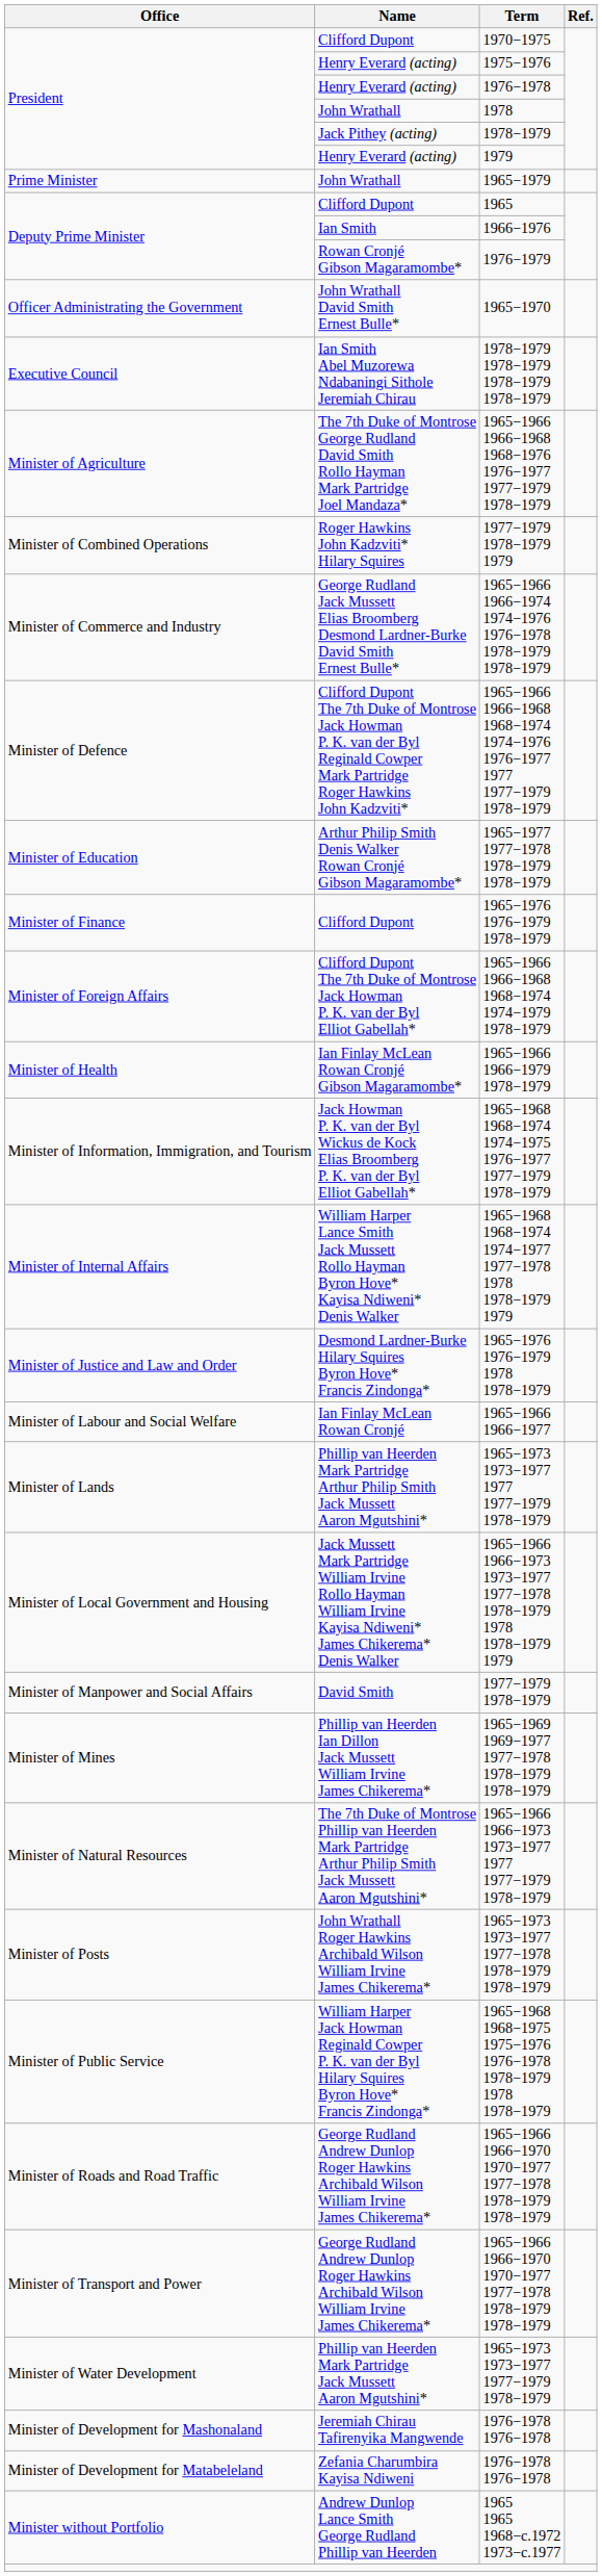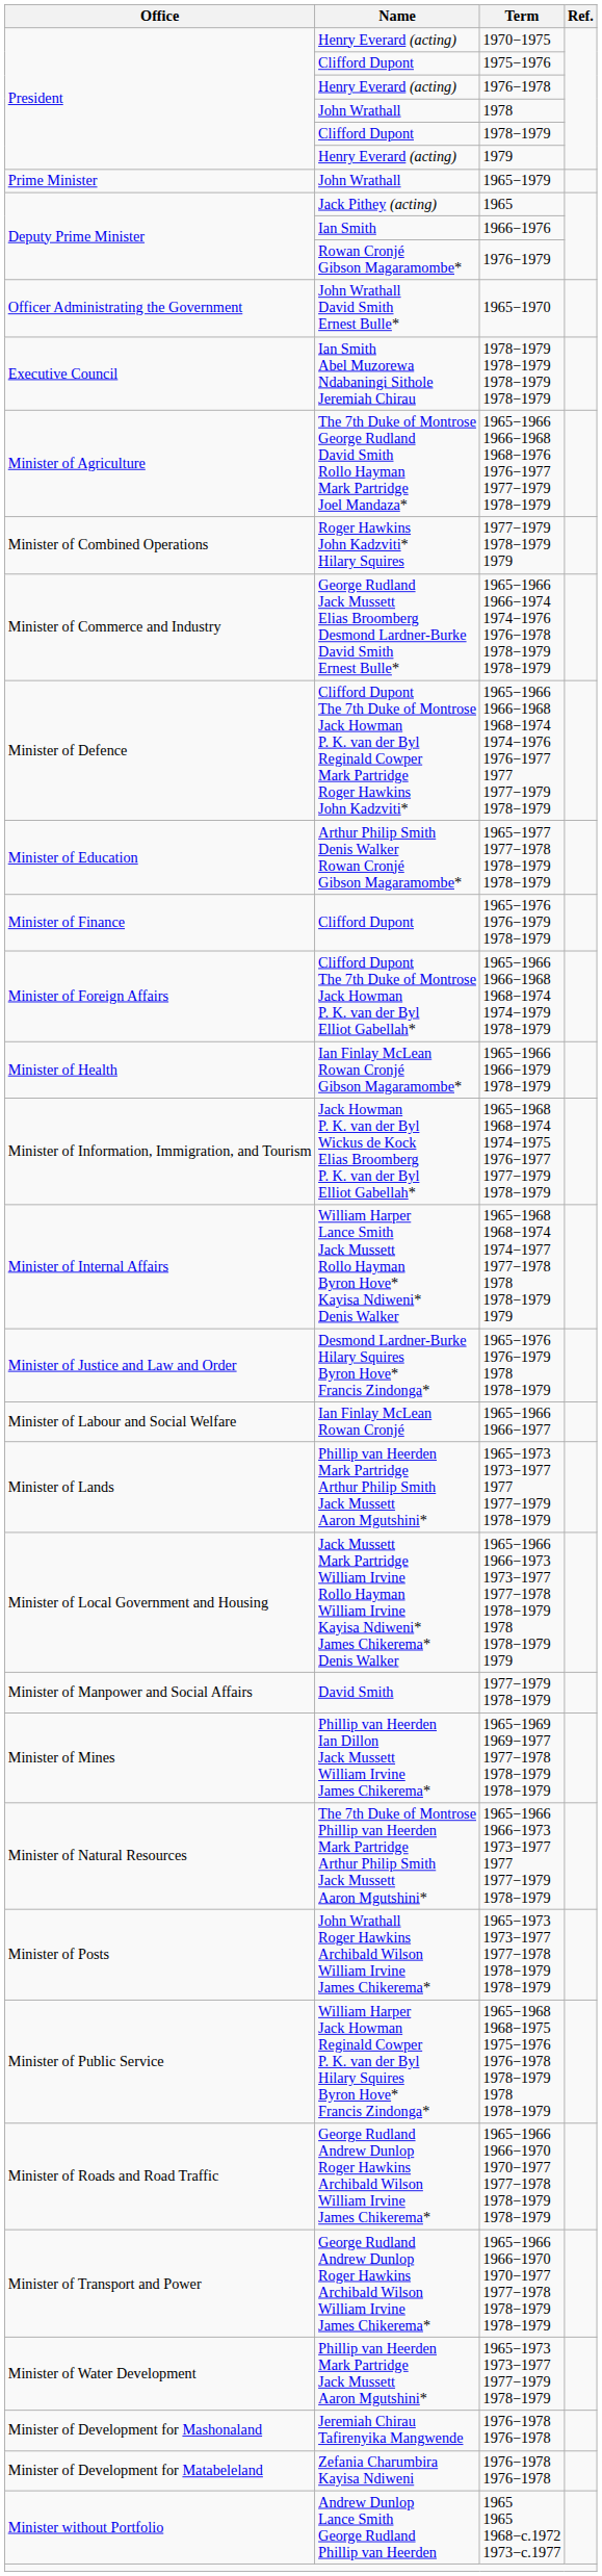 <table class="wikitable">
 <tr>
 <th>Office</th>
 <th>Name</th>
 <th>Term</th>
 <th>Ref.</th>
 </tr>
 <tr>
 <td rowspan="6"><a href='#'>President</a></td>
-<td><a href='#'>Clifford Dupont</a></td>
+<td><a href='#'>Henry Everard</a> <em>(acting)</em></td>
 <td>1970−1975</td>
 <td rowspan="6"></td>
 </tr>
 <tr>
-<td><a href='#'>Henry Everard</a> <em>(acting)</em></td>
+<td><a href='#'>Clifford Dupont</a></td>
 <td>1975−1976</td>
 </tr>
 <tr>
 <td><a href='#'>Henry Everard</a> <em>(acting)</em></td>
 <td>1976−1978</td>
 </tr>
 <tr>
 <td><a href='#'>John Wrathall</a></td>
 <td>1978</td>
 </tr>
 <tr>
-<td><a href='#'>Jack Pithey</a> <em>(acting)</em></td>
+<td><a href='#'>Clifford Dupont</a></td>
 <td>1978−1979<br></td>
 </tr>
 <tr>
 <td><a href='#'>Henry Everard</a> <em>(acting)</em></td>
 <td>1979</td>
 </tr>
 <tr>
 <td><a href='#'>Prime Minister</a></td>
 <td><a href='#'>John Wrathall</a></td>
 <td>1965−1979</td>
 <td></td>
 </tr>
 <tr>
 <td rowspan="3"><a href='#'>Deputy Prime Minister</a></td>
-<td><a href='#'>Clifford Dupont</a></td>
+<td><a href='#'>Jack Pithey</a> <em>(acting)</em></td>
 <td>1965<br></td>
 <td rowspan="3"></td>
 </tr>
 <tr>
 <td><a href='#'>Ian Smith</a></td>
 <td>1966−1976</td>
 </tr>
 <tr>
 <td><a href='#'>Rowan Cronjé</a><br><a href='#'>Gibson Magaramombe</a>*</td>
 <td>1976−1979</td>
 </tr>
 <tr>
 <td><a href='#'>Officer Administrating the Government</a></td>
 <td><a href='#'>John Wrathall</a><br><a href='#'>David Smith</a><br><a href='#'>Ernest Bulle</a>*</td>
 <td>1965−1970</td>
 <td></td>
 </tr>
 <tr>
 <td><a href='#'>Executive Council</a></td>
 <td><a href='#'>Ian Smith</a><br><a href='#'>Abel Muzorewa</a><br><a href='#'>Ndabaningi Sithole</a><br><a href='#'>Jeremiah Chirau</a></td>
 <td>1978−1979<br>1978−1979<br>1978−1979<br>1978−1979</td>
 <td></td>
 </tr>
 <tr>
 <td><a href='#'>Minister of Agriculture</a></td>
 <td><a href='#'>The 7th Duke of Montrose</a><br><a href='#'>George Rudland</a><br><a href='#'>David Smith</a><br><a href='#'>Rollo Hayman</a><br><a href='#'>Mark Partridge</a><br><a href='#'>Joel Mandaza</a>*</td>
 <td>1965−1966<br>1966−1968<br>1968−1976<br>1976−1977<br>1977−1979<br>1978−1979</td>
 <td></td>
 </tr>
 <tr>
 <td>Minister of Combined Operations</td>
 <td><a href='#'>Roger Hawkins</a><br><a href='#'>John Kadzviti</a>*<br><a href='#'>Hilary Squires</a></td>
 <td>1977−1979<br>1978−1979<br>1979</td>
 <td></td>
 </tr>
 <tr>
 <td>Minister of Commerce and Industry</td>
 <td><a href='#'>George Rudland</a><br><a href='#'>Jack Mussett</a><br><a href='#'>Elias Broomberg</a><br><a href='#'>Desmond Lardner-Burke</a><br><a href='#'>David Smith</a><br><a href='#'>Ernest Bulle</a>*</td>
 <td>1965−1966<br>1966−1974<br>1974−1976<br>1976−1978<br>1978−1979<br>1978−1979</td>
 <td></td>
 </tr>
 <tr>
 <td>Minister of Defence</td>
 <td><a href='#'>Clifford Dupont</a><br><a href='#'>The 7th Duke of Montrose</a><br><a href='#'>Jack Howman</a><br><a href='#'>P. K. van der Byl</a><br><a href='#'>Reginald Cowper</a><br><a href='#'>Mark Partridge</a><br><a href='#'>Roger Hawkins</a><br><a href='#'>John Kadzviti</a>*</td>
 <td>1965−1966<br>1966−1968<br>1968−1974<br>1974−1976<br>1976−1977<br>1977<br>1977−1979<br>1978−1979</td>
 <td></td>
 </tr>
 <tr>
 <td><a href='#'>Minister of Education</a></td>
 <td><a href='#'>Arthur Philip Smith</a><br><a href='#'>Denis Walker</a><br><a href='#'>Rowan Cronjé</a><br><a href='#'>Gibson Magaramombe</a>*</td>
 <td>1965−1977<br>1977−1978<br>1978−1979<br>1978−1979</td>
 <td></td>
 </tr>
 <tr>
 <td><a href='#'>Minister of Finance</a></td>
 <td><a href='#'>Clifford Dupont</a></td>
 <td>1965−1976<br>1976−1979<br>1978−1979</td>
 <td></td>
 </tr>
 <tr>
 <td><a href='#'>Minister of Foreign Affairs</a></td>
 <td><a href='#'>Clifford Dupont</a><br><a href='#'>The 7th Duke of Montrose</a><br><a href='#'>Jack Howman</a><br><a href='#'>P. K. van der Byl</a><br><a href='#'>Elliot Gabellah</a>*</td>
 <td>1965−1966<br>1966−1968<br>1968−1974<br>1974−1979<br>1978−1979</td>
 <td></td>
 </tr>
 <tr>
 <td><a href='#'>Minister of Health</a></td>
 <td><a href='#'>Ian Finlay McLean</a><br><a href='#'>Rowan Cronjé</a><br><a href='#'>Gibson Magaramombe</a>*</td>
 <td>1965−1966<br>1966−1979<br>1978−1979</td>
 <td></td>
 </tr>
 <tr>
 <td>Minister of Information, Immigration, and Tourism</td>
 <td><a href='#'>Jack Howman</a><br><a href='#'>P. K. van der Byl</a><br><a href='#'>Wickus de Kock</a><br><a href='#'>Elias Broomberg</a><br><a href='#'>P. K. van der Byl</a><br><a href='#'>Elliot Gabellah</a>*</td>
 <td>1965−1968<br>1968−1974<br>1974−1975<br>1976−1977<br>1977−1979<br>1978−1979</td>
 <td></td>
 </tr>
 <tr>
 <td><a href='#'>Minister of Internal Affairs</a></td>
 <td><a href='#'>William Harper</a><br><a href='#'>Lance Smith</a><br><a href='#'>Jack Mussett</a><br><a href='#'>Rollo Hayman</a><br><a href='#'>Byron Hove</a>*<br><a href='#'>Kayisa Ndiweni</a>*<br><a href='#'>Denis Walker</a></td>
 <td>1965−1968<br>1968−1974<br>1974−1977<br>1977−1978<br>1978<br>1978−1979<br>1979</td>
 <td></td>
 </tr>
 <tr>
 <td><a href='#'>Minister of Justice and Law and Order</a></td>
 <td><a href='#'>Desmond Lardner-Burke</a><br><a href='#'>Hilary Squires</a><br><a href='#'>Byron Hove</a>*<br><a href='#'>Francis Zindonga</a>*</td>
 <td>1965−1976<br>1976−1979<br>1978<br>1978−1979</td>
 <td></td>
 </tr>
 <tr>
 <td>Minister of Labour and Social Welfare</td>
 <td><a href='#'>Ian Finlay McLean</a><br><a href='#'>Rowan Cronjé</a></td>
 <td>1965−1966<br>1966−1977</td>
 <td></td>
 </tr>
 <tr>
 <td>Minister of Lands</td>
 <td><a href='#'>Phillip van Heerden</a><br><a href='#'>Mark Partridge</a><br><a href='#'>Arthur Philip Smith</a><br><a href='#'>Jack Mussett</a><br><a href='#'>Aaron Mgutshini</a>*</td>
 <td>1965−1973<br>1973−1977<br>1977<br>1977−1979<br>1978−1979</td>
 <td></td>
 </tr>
 <tr>
 <td>Minister of Local Government and Housing</td>
 <td><a href='#'>Jack Mussett</a><br><a href='#'>Mark Partridge</a><br><a href='#'>William Irvine</a><br><a href='#'>Rollo Hayman</a><br><a href='#'>William Irvine</a><br><a href='#'>Kayisa Ndiweni</a>*<br><a href='#'>James Chikerema</a>*<br><a href='#'>Denis Walker</a></td>
 <td>1965−1966<br>1966−1973<br>1973−1977<br>1977−1978<br>1978−1979<br>1978<br>1978−1979<br>1979</td>
 <td></td>
 </tr>
 <tr>
 <td>Minister of Manpower and Social Affairs</td>
 <td><a href='#'>David Smith</a></td>
 <td>1977−1979<br>1978−1979</td>
 <td></td>
 </tr>
 <tr>
 <td>Minister of Mines</td>
 <td><a href='#'>Phillip van Heerden</a><br><a href='#'>Ian Dillon</a><br><a href='#'>Jack Mussett</a><br><a href='#'>William Irvine</a><br><a href='#'>James Chikerema</a>*</td>
 <td>1965−1969<br>1969−1977<br>1977−1978<br>1978−1979<br>1978−1979</td>
 <td></td>
 </tr>
 <tr>
 <td>Minister of Natural Resources</td>
 <td><a href='#'>The 7th Duke of Montrose</a><br><a href='#'>Phillip van Heerden</a><br><a href='#'>Mark Partridge</a><br><a href='#'>Arthur Philip Smith</a><br><a href='#'>Jack Mussett</a><br><a href='#'>Aaron Mgutshini</a>*</td>
 <td>1965−1966<br>1966−1973<br>1973−1977<br>1977<br>1977−1979<br>1978−1979</td>
 <td></td>
 </tr>
 <tr>
 <td>Minister of Posts</td>
 <td><a href='#'>John Wrathall</a><br><a href='#'>Roger Hawkins</a><br><a href='#'>Archibald Wilson</a><br><a href='#'>William Irvine</a><br><a href='#'>James Chikerema</a>*</td>
 <td>1965−1973<br>1973−1977<br>1977−1978<br>1978−1979<br>1978−1979</td>
 <td></td>
 </tr>
 <tr>
 <td>Minister of Public Service</td>
 <td><a href='#'>William Harper</a><br><a href='#'>Jack Howman</a><br><a href='#'>Reginald Cowper</a><br><a href='#'>P. K. van der Byl</a><br><a href='#'>Hilary Squires</a><br><a href='#'>Byron Hove</a>*<br><a href='#'>Francis Zindonga</a>*</td>
 <td>1965−1968<br>1968−1975<br>1975−1976<br>1976−1978<br>1978−1979<br>1978<br>1978−1979</td>
 <td></td>
 </tr>
 <tr>
 <td>Minister of Roads and Road Traffic</td>
 <td><a href='#'>George Rudland</a><br><a href='#'>Andrew Dunlop</a><br><a href='#'>Roger Hawkins</a><br><a href='#'>Archibald Wilson</a><br><a href='#'>William Irvine</a><br><a href='#'>James Chikerema</a>*</td>
 <td>1965−1966<br>1966−1970<br>1970−1977<br>1977−1978<br>1978−1979<br>1978−1979</td>
 <td></td>
 </tr>
 <tr>
 <td>Minister of Transport and Power</td>
 <td><a href='#'>George Rudland</a><br><a href='#'>Andrew Dunlop</a><br><a href='#'>Roger Hawkins</a><br><a href='#'>Archibald Wilson</a><br><a href='#'>William Irvine</a><br><a href='#'>James Chikerema</a>*</td>
 <td>1965−1966<br>1966−1970<br>1970−1977<br>1977−1978<br>1978−1979<br>1978−1979</td>
 <td></td>
 </tr>
 <tr>
 <td>Minister of Water Development</td>
 <td><a href='#'>Phillip van Heerden</a><br><a href='#'>Mark Partridge</a><br><a href='#'>Jack Mussett</a><br><a href='#'>Aaron Mgutshini</a>*</td>
 <td>1965−1973<br>1973−1977<br>1977−1979<br>1978−1979</td>
 <td></td>
 </tr>
 <tr>
 <td>Minister of Development for <a href='#'>Mashonaland</a></td>
 <td><a href='#'>Jeremiah Chirau</a><br><a href='#'>Tafirenyika Mangwende</a></td>
 <td>1976−1978<br>1976−1978</td>
 <td></td>
 </tr>
 <tr>
 <td>Minister of Development for <a href='#'>Matabeleland</a></td>
 <td><a href='#'>Zefania Charumbira</a><br><a href='#'>Kayisa Ndiweni</a></td>
 <td>1976−1978<br>1976−1978</td>
 <td></td>
 </tr>
 <tr>
 <td><a href='#'>Minister without Portfolio</a></td>
 <td><a href='#'>Andrew Dunlop</a><br><a href='#'>Lance Smith</a><br><a href='#'>George Rudland</a><br><a href='#'>Phillip van Heerden</a></td>
 <td>1965<br>1965<br>1968−c.1972<br>1973−c.1977</td>
 <td></td>
 </tr>
 <tr>
 <td colspan="4"></td>
 </tr>
 </table>
